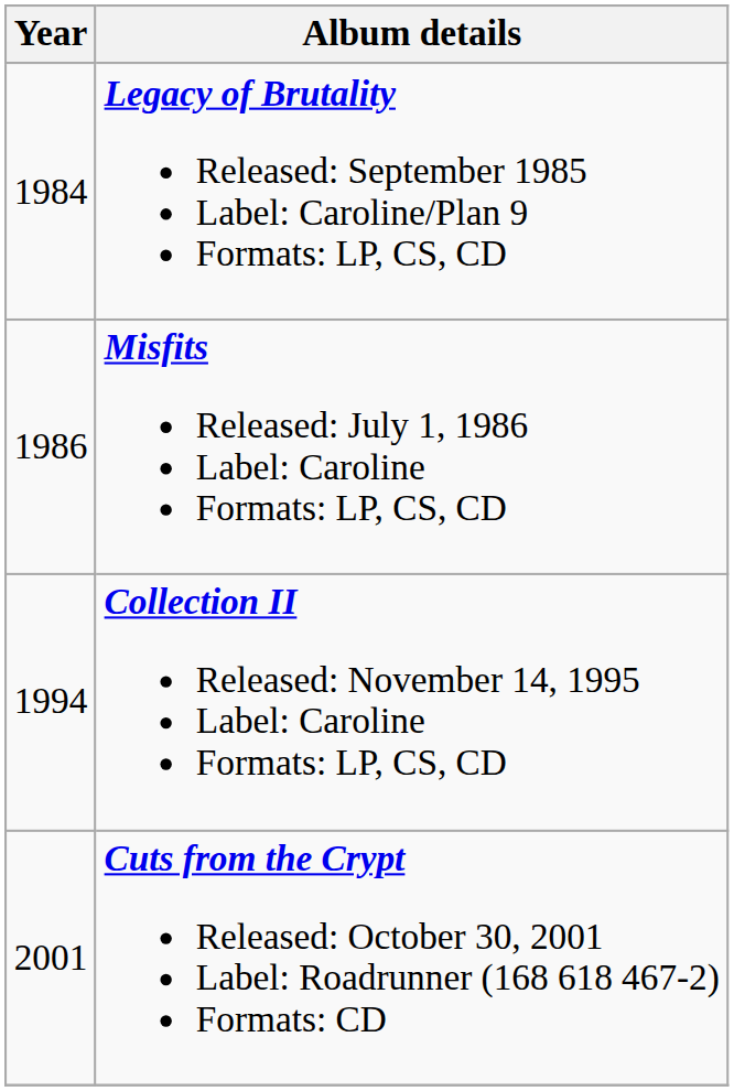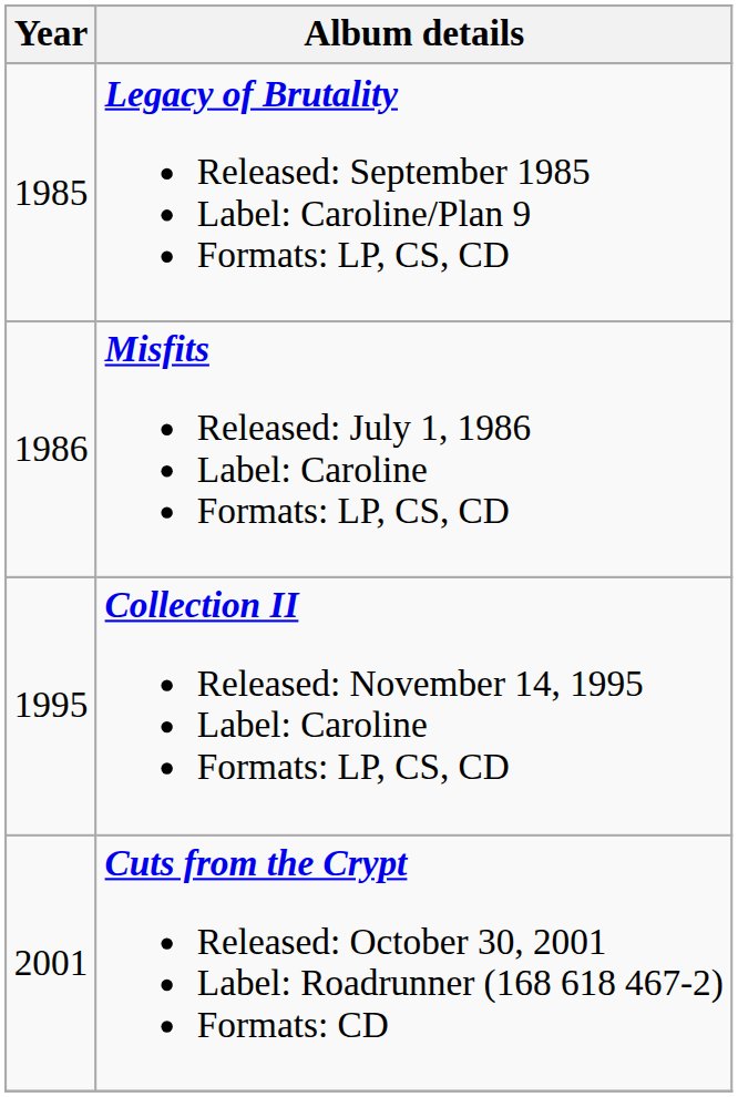 <table class ="wikitable">
 <tr>
 <th>Year</th>
 <th>Album details</th>
 </tr>
 <tr>
-<td>1984</td>
+<td>1985</td>
 <td><strong><em><a href='#'>Legacy of Brutality</a></em></strong><br><ul><li>Released: September 1985</li><li>Label: Caroline/Plan 9</li><li>Formats: LP, CS, CD</li></ul></td>
 </tr>
 <tr>
 <td>1986</td>
 <td><strong><em><a href='#'>Misfits</a></em></strong><br><ul><li>Released: July 1, 1986</li><li>Label: Caroline</li><li>Formats: LP, CS, CD</li></ul></td>
 </tr>
 <tr>
-<td>1994</td>
+<td>1995</td>
 <td><strong><em><a href='#'>Collection II</a></em></strong><br><ul><li>Released: November 14, 1995</li><li>Label: Caroline</li><li>Formats: LP, CS, CD</li></ul></td>
 </tr>
 <tr>
 <td>2001</td>
 <td><strong><em><a href='#'>Cuts from the Crypt</a></em></strong><br><ul><li>Released: October 30, 2001</li><li>Label: Roadrunner (168 618 467-2)</li><li>Formats: CD</li></ul></td>
 </tr>
 <tr>
 </tr>
 </table>
